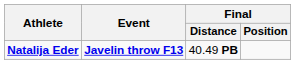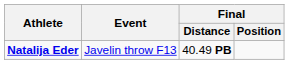 <table class=wikitable style="font-size:90%">
 <tr>
 <th rowspan="2">Athlete</th>
 <th rowspan="2">Event</th>
 <th colspan="2">Final</th>
 </tr>
 <tr style="font-size:95%">
 <th>Distance</th>
 <th>Position</th>
 </tr>
 <tr align=center>
 <td align=left><strong><a href='#'>Natalija Eder</a></strong></td>
-<td align=left><strong><a href='#'>Javelin throw F13</a></strong></td>
+<td align=left><a href='#'>Javelin throw F13</a></td>
 <td>40.49 <strong>PB</strong></td>
 <td></td>
 </tr>
 </table>
